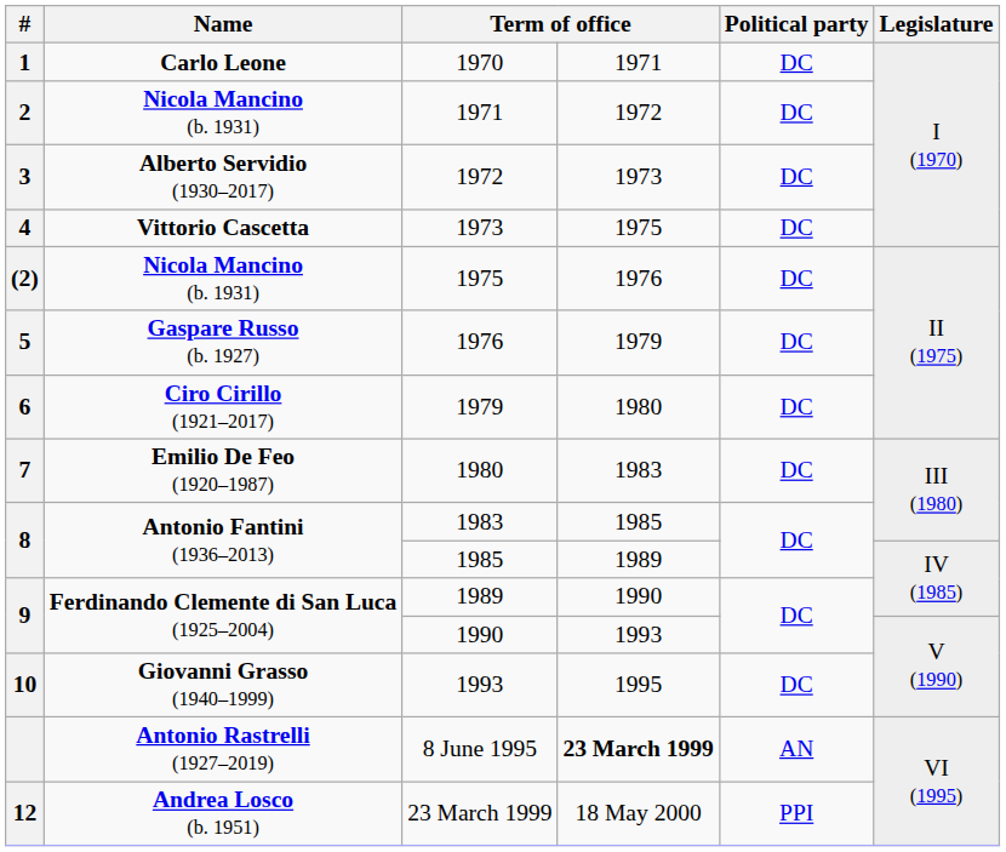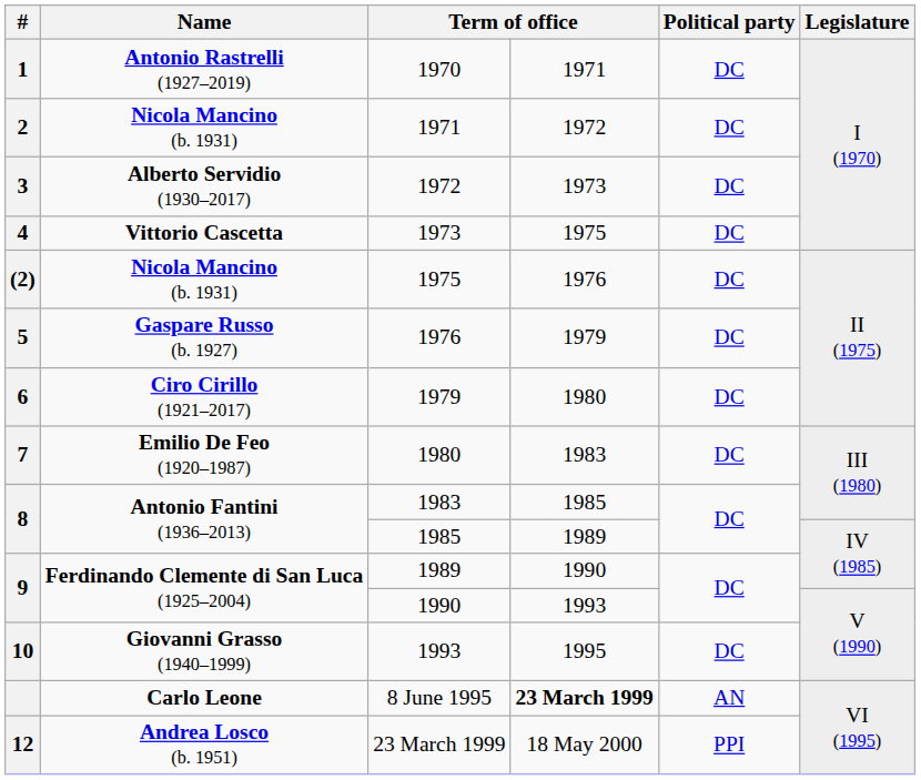 <table class="wikitable" style="text-align:center; border:1px #AAAAFF solid">
 <tr>
 <th>#</th>
 <th>Name</th>
 <th colspan=2>Term of office</th>
 <th>Political party</th>
 <th>Legislature</th>
 </tr>
 <tr>
 <th style="background:">1</th>
-<td><strong>Carlo Leone</strong></td>
+<td><strong><a href='#'>Antonio Rastrelli</a></strong><br><small>(1927–2019)</small></td>
 <td>1970</td>
 <td>1971</td>
 <td><a href='#'>DC</a></td>
 <td rowspan=4 bgcolor=#EEEEEE>I<br><small>(<a href='#'>1970</a>)</small></td>
 </tr>
 <tr>
 <th style="background:">2</th>
 <td><strong><a href='#'>Nicola Mancino</a></strong><br><small>(b. 1931)</small></td>
 <td>1971</td>
 <td>1972</td>
 <td><a href='#'>DC</a></td>
 </tr>
 <tr>
 <th style="background:">3</th>
 <td><strong>Alberto Servidio</strong><br><small>(1930–2017)</small></td>
 <td>1972</td>
 <td>1973</td>
 <td><a href='#'>DC</a></td>
 </tr>
 <tr>
 <th style="background:">4</th>
 <td><strong>Vittorio Cascetta</strong></td>
 <td>1973</td>
 <td>1975</td>
 <td><a href='#'>DC</a></td>
 </tr>
 <tr>
 <th style="background:">(2)</th>
 <td><strong><a href='#'>Nicola Mancino</a></strong><br><small>(b. 1931)</small></td>
 <td>1975</td>
 <td>1976</td>
 <td><a href='#'>DC</a></td>
 <td rowspan=3 bgcolor=#EEEEEE>II<br><small>(<a href='#'>1975</a>)</small></td>
 </tr>
 <tr>
 <th style="background:">5</th>
 <td><strong><a href='#'>Gaspare Russo</a></strong><br><small>(b. 1927)</small></td>
 <td>1976</td>
 <td>1979</td>
 <td><a href='#'>DC</a></td>
 </tr>
 <tr>
 <th style="background:">6</th>
 <td><strong><a href='#'>Ciro Cirillo</a></strong><br><small>(1921–2017)</small></td>
 <td>1979</td>
 <td>1980</td>
 <td><a href='#'>DC</a></td>
 </tr>
 <tr>
 <th style="background:">7</th>
 <td><strong>Emilio De Feo</strong><br><small>(1920–1987)</small></td>
 <td>1980</td>
 <td>1983</td>
 <td><a href='#'>DC</a></td>
 <td rowspan=2 bgcolor=#EEEEEE>III<br><small>(<a href='#'>1980</a>)</small></td>
 </tr>
 <tr>
 <th rowspan=2 style="background:">8</th>
 <td rowspan=2><strong>Antonio Fantini</strong><br><small>(1936–2013)</small></td>
 <td>1983</td>
 <td>1985</td>
 <td rowspan=2><a href='#'>DC</a></td>
 </tr>
 <tr>
 <td>1985</td>
 <td>1989</td>
 <td rowspan=2 bgcolor=#EEEEEE>IV<br><small>(<a href='#'>1985</a>)</small></td>
 </tr>
 <tr>
 <th rowspan=2 style="background:">9</th>
 <td rowspan=2><strong>Ferdinando Clemente di San Luca</strong><br><small>(1925–2004)</small></td>
 <td>1989</td>
 <td>1990</td>
 <td rowspan=2><a href='#'>DC</a></td>
 </tr>
 <tr>
 <td>1990</td>
 <td>1993</td>
 <td rowspan=2 bgcolor=#EEEEEE>V<br><small>(<a href='#'>1990</a>)</small></td>
 </tr>
 <tr>
 <th style="background:">10</th>
 <td><strong>Giovanni Grasso</strong><br><small>(1940–1999)</small></td>
 <td>1993</td>
 <td>1995</td>
 <td><a href='#'>DC</a></td>
 </tr>
 <tr>
 <th style="background:"></th>
-<td><strong><a href='#'>Antonio Rastrelli</a></strong><br><small>(1927–2019)</small></td>
+<td><strong>Carlo Leone</strong></td>
 <td>8 June 1995</td>
 <td><strong>23 March 1999</strong></td>
 <td><a href='#'>AN</a></td>
 <td rowspan=2 bgcolor="#EEEEEE">VI <br><small>(<a href='#'>1995</a>)</small></td>
 </tr>
 <tr>
 <th style="background:">12</th>
 <td><strong><a href='#'>Andrea Losco</a></strong><br><small>(b. 1951)</small></td>
 <td>23 March 1999</td>
 <td>18 May 2000</td>
 <td><a href='#'>PPI</a></td>
 </tr>
 <tr>
 </tr>
 </table>
